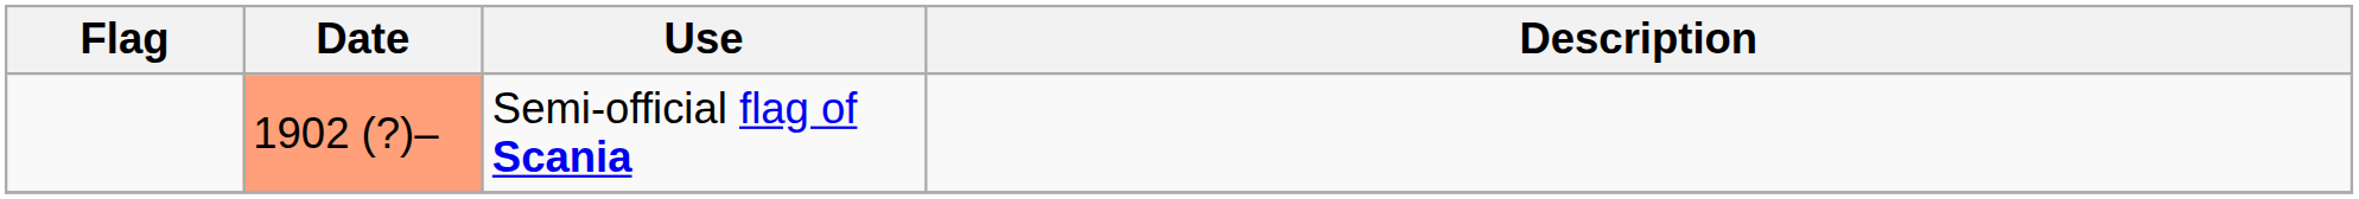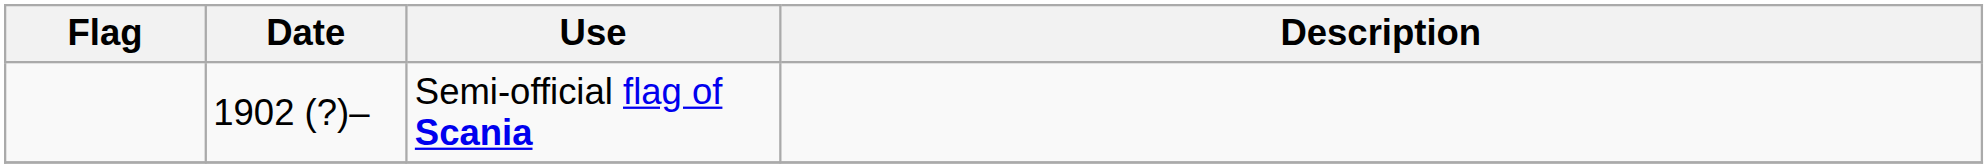 <table class="wikitable sortable">
 <tr>
 <th style="width:100px;">Flag</th>
 <th style="width:100px;">Date</th>
 <th style="width:200px;">Use</th>
 <th style="width:700px;">Description</th>
 </tr>
 <tr>
 <td></td>
-<td style="background: lightsalmon;">1902 (?)–</td>
+<td>1902 (?)–</td>
 <td>Semi-official <a href='#'>flag of</a> <strong><a href='#'>Scania</a></strong></td>
 <td></td>
 </tr>
 <tr>
 </tr>
 </table>
